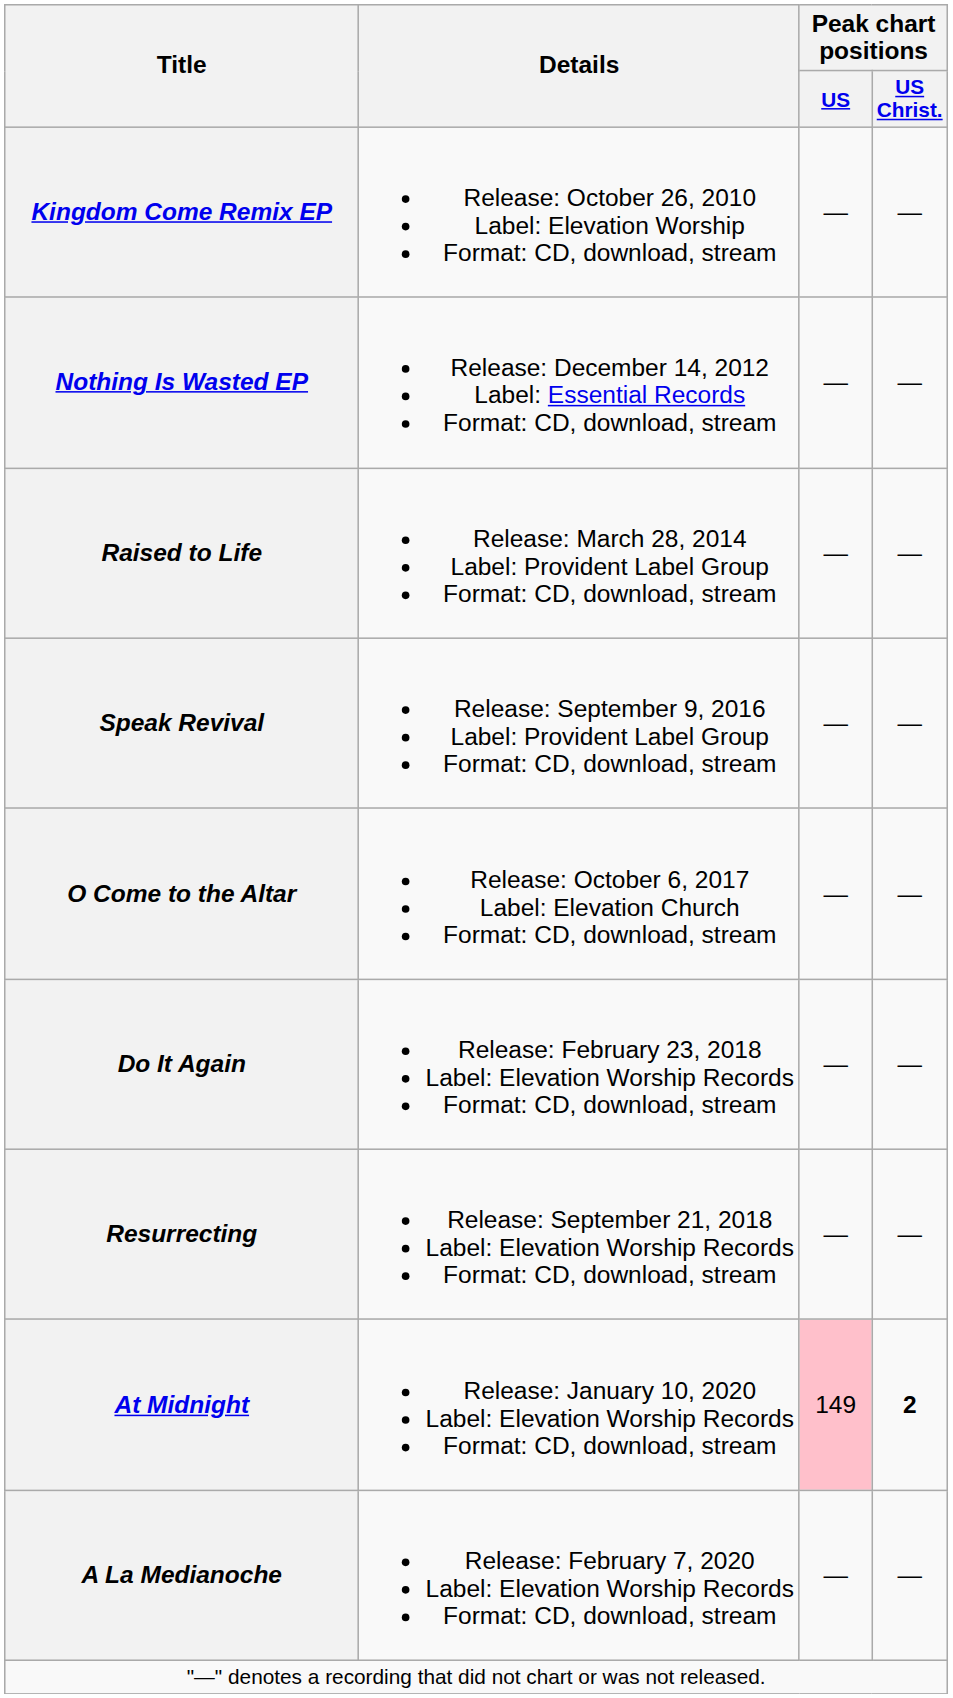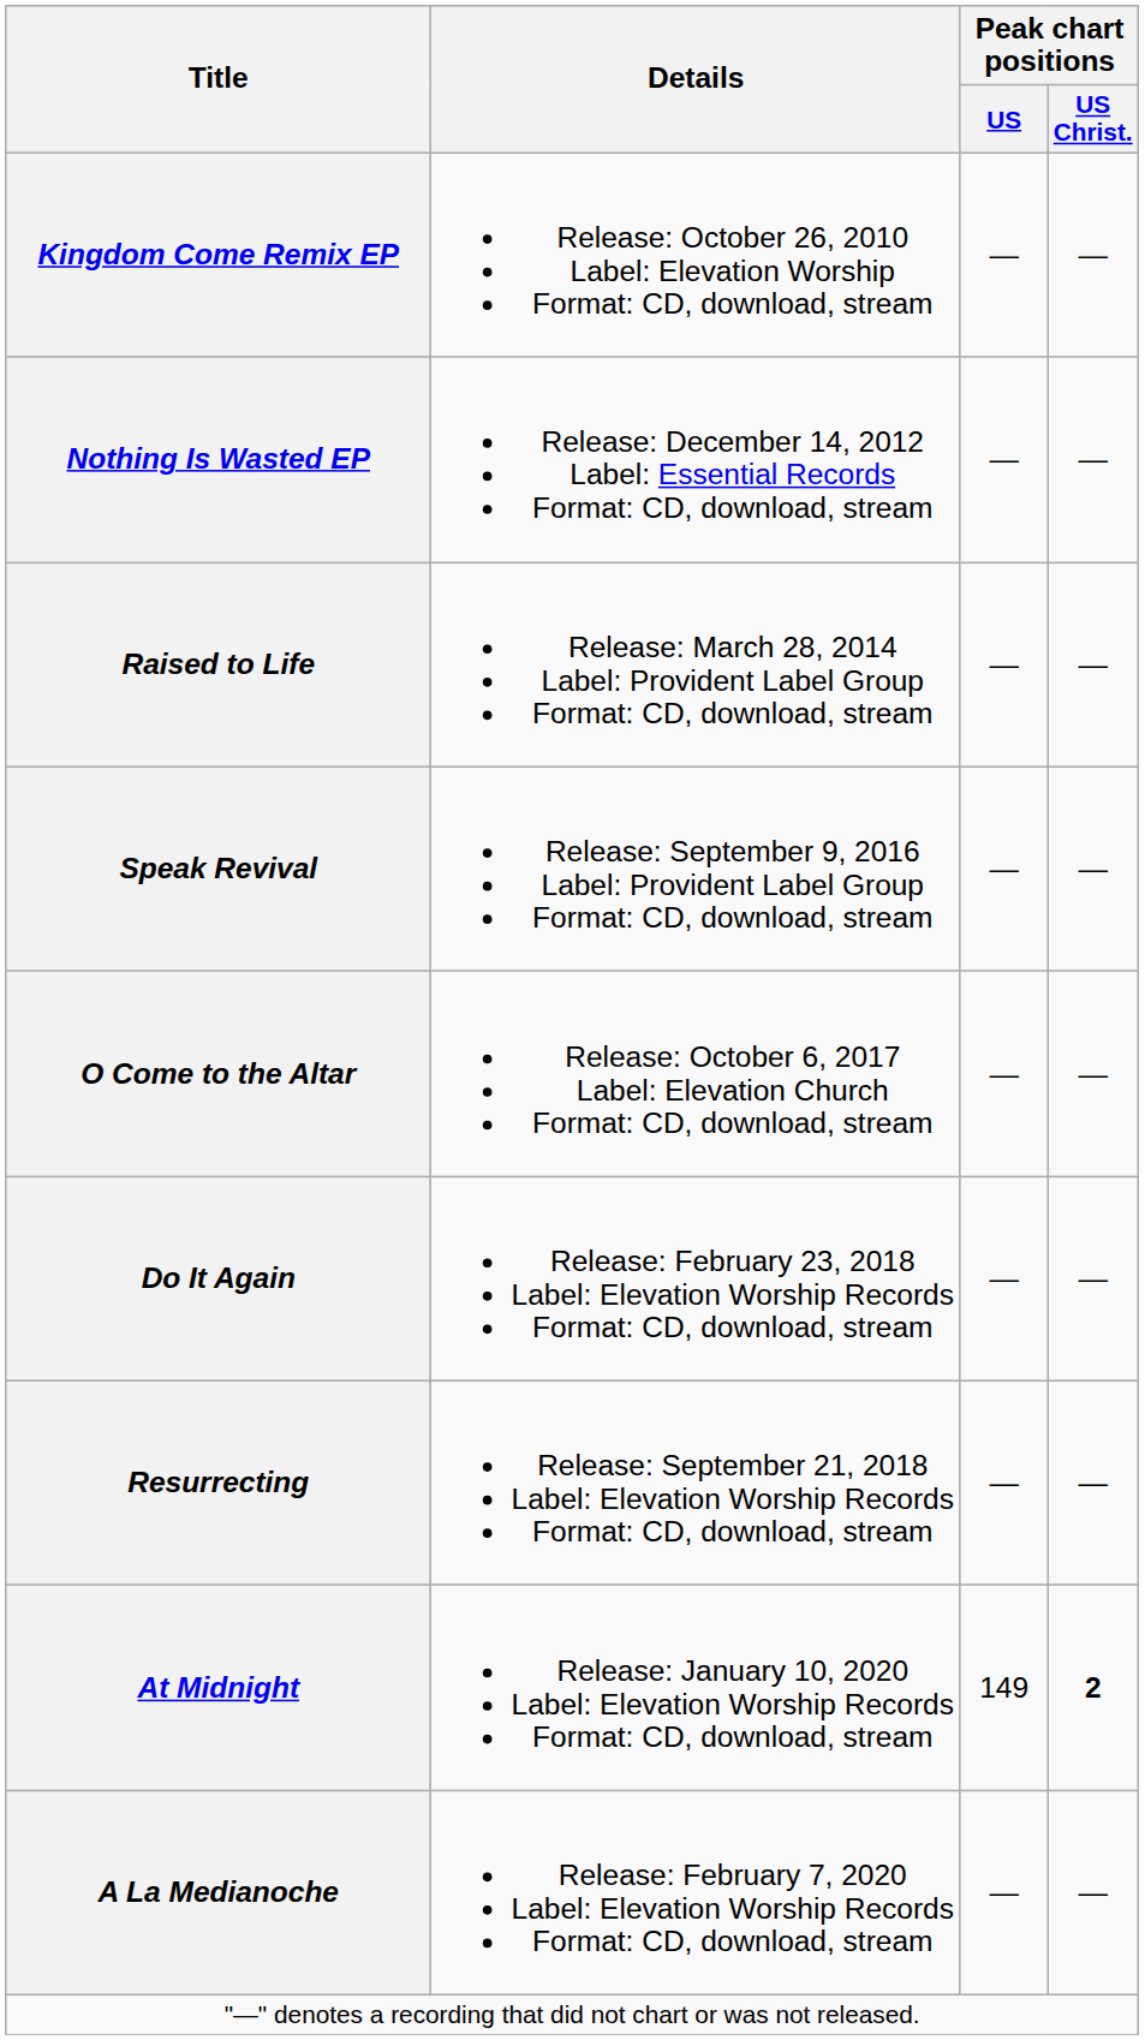 <table class="wikitable plainrowheaders" style="text-align:center;">
 <tr>
 <th rowspan="2" style="width:14em;">Title</th>
 <th rowspan="2">Details</th>
 <th colspan="2">Peak chart positions</th>
 </tr>
 <tr>
 <th scope="col" style="width:3em;font-size:85%;"><a href='#'>US</a><br></th>
 <th scope="col" style="width:3em;font-size:85%;"><a href='#'>US<br>Christ.</a><br></th>
 </tr>
 <tr>
 <th scope="row"><em><a href='#'>Kingdom Come Remix EP</a></em></th>
 <td><br><ul><li>Release: October 26, 2010</li><li>Label: Elevation Worship</li><li>Format: CD, download, stream</li></ul></td>
 <td>—</td>
 <td>—</td>
 </tr>
 <tr>
 <th scope="row"><em><a href='#'>Nothing Is Wasted EP</a></em></th>
 <td><br><ul><li>Release: December 14, 2012</li><li>Label: <a href='#'>Essential Records</a></li><li>Format: CD, download, stream</li></ul></td>
 <td>—</td>
 <td>—</td>
 </tr>
 <tr>
 <th scope="row"><em>Raised to Life</em></th>
 <td><br><ul><li>Release: March 28, 2014</li><li>Label: Provident Label Group</li><li>Format: CD, download, stream</li></ul></td>
 <td>—</td>
 <td>—</td>
 </tr>
 <tr>
 <th scope="row"><em>Speak Revival</em></th>
 <td><br><ul><li>Release: September 9, 2016</li><li>Label: Provident Label Group</li><li>Format: CD, download, stream</li></ul></td>
 <td>—</td>
 <td>—</td>
 </tr>
 <tr>
 <th scope="row"><em>O Come to the Altar</em></th>
 <td><br><ul><li>Release: October 6, 2017</li><li>Label: Elevation Church</li><li>Format: CD, download, stream</li></ul></td>
 <td>—</td>
 <td>—</td>
 </tr>
 <tr>
 <th scope="row"><em>Do It Again</em></th>
 <td><br><ul><li>Release: February 23, 2018</li><li>Label: Elevation Worship Records</li><li>Format: CD, download, stream</li></ul></td>
 <td>—</td>
 <td>—</td>
 </tr>
 <tr>
 <th scope="row"><em>Resurrecting</em></th>
 <td><br><ul><li>Release: September 21, 2018</li><li>Label: Elevation Worship Records</li><li>Format: CD, download, stream</li></ul></td>
 <td>—</td>
 <td>—</td>
 </tr>
 <tr>
 <th scope="row"><em><a href='#'>At Midnight</a></em></th>
 <td><br><ul><li>Release: January 10, 2020</li><li>Label: Elevation Worship Records</li><li>Format: CD, download, stream</li></ul></td>
-<td style="background: pink;">149</td>
+<td>149</td>
 <td><strong>2</strong></td>
 </tr>
 <tr>
 <th scope="row"><em>A La Medianoche</em></th>
 <td><br><ul><li>Release: February 7, 2020</li><li>Label: Elevation Worship Records</li><li>Format: CD, download, stream</li></ul></td>
 <td>—</td>
 <td>—</td>
 </tr>
 <tr>
 <td colspan="20" style="font-size:85%;">"—" denotes a recording that did not chart or was not released.</td>
 </tr>
 </table>
